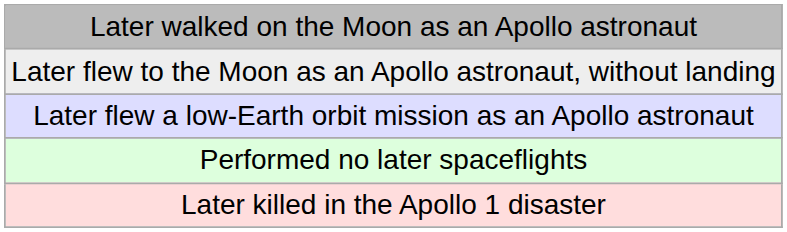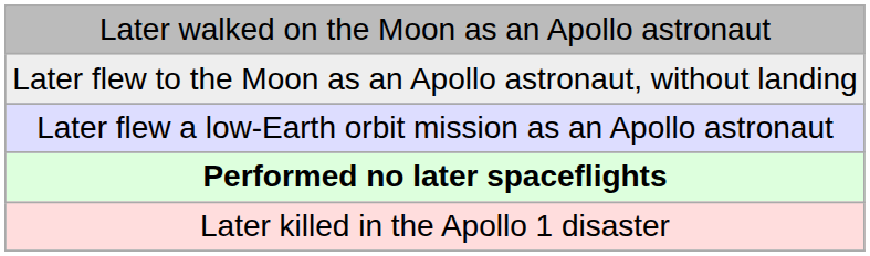 <table class="wikitable" style="text-align: center;">
 <tr>
 <td style="background: #BBBBBB;">Later walked on the Moon as an Apollo astronaut</td>
 </tr>
 <tr>
 <td style="background: #EEEEEE;">Later flew to the Moon as an Apollo astronaut, without landing</td>
 </tr>
 <tr>
 <td style="background: #DDDDFF;">Later flew a low-Earth orbit mission as an Apollo astronaut</td>
 </tr>
 <tr>
-<td style="background: #DDFFDD;">Performed no later spaceflights</td>
+<td style="background: #DDFFDD;"><strong>Performed no later spaceflights</strong></td>
 </tr>
 <tr>
 <td style="background: #FFDDDD;">Later killed in the Apollo 1 disaster</td>
 </tr>
 </table>
